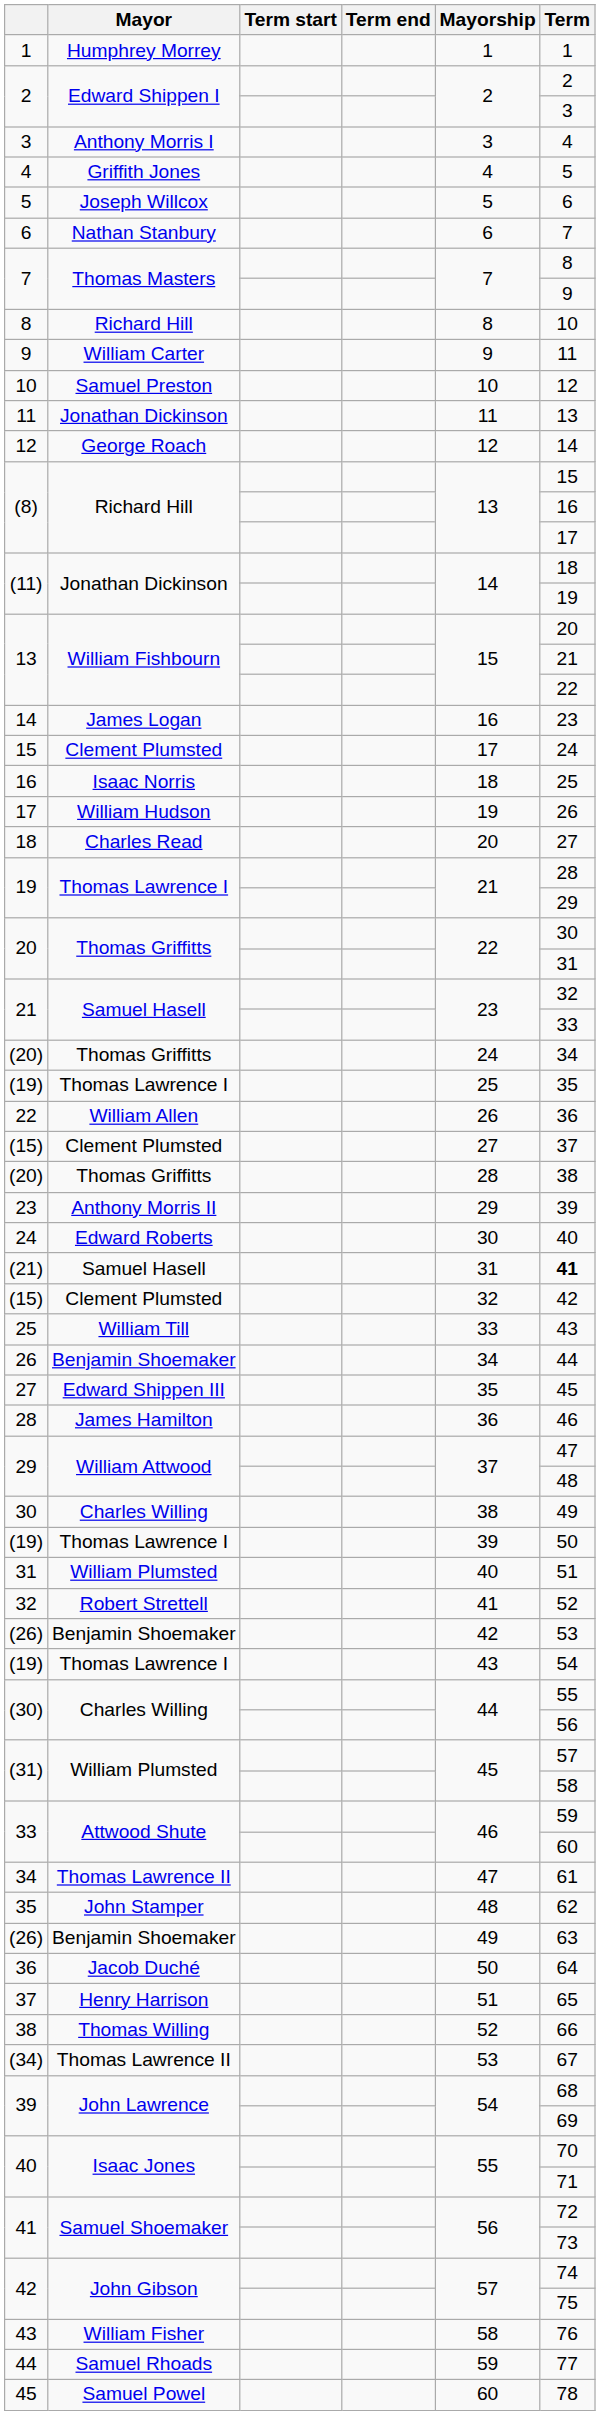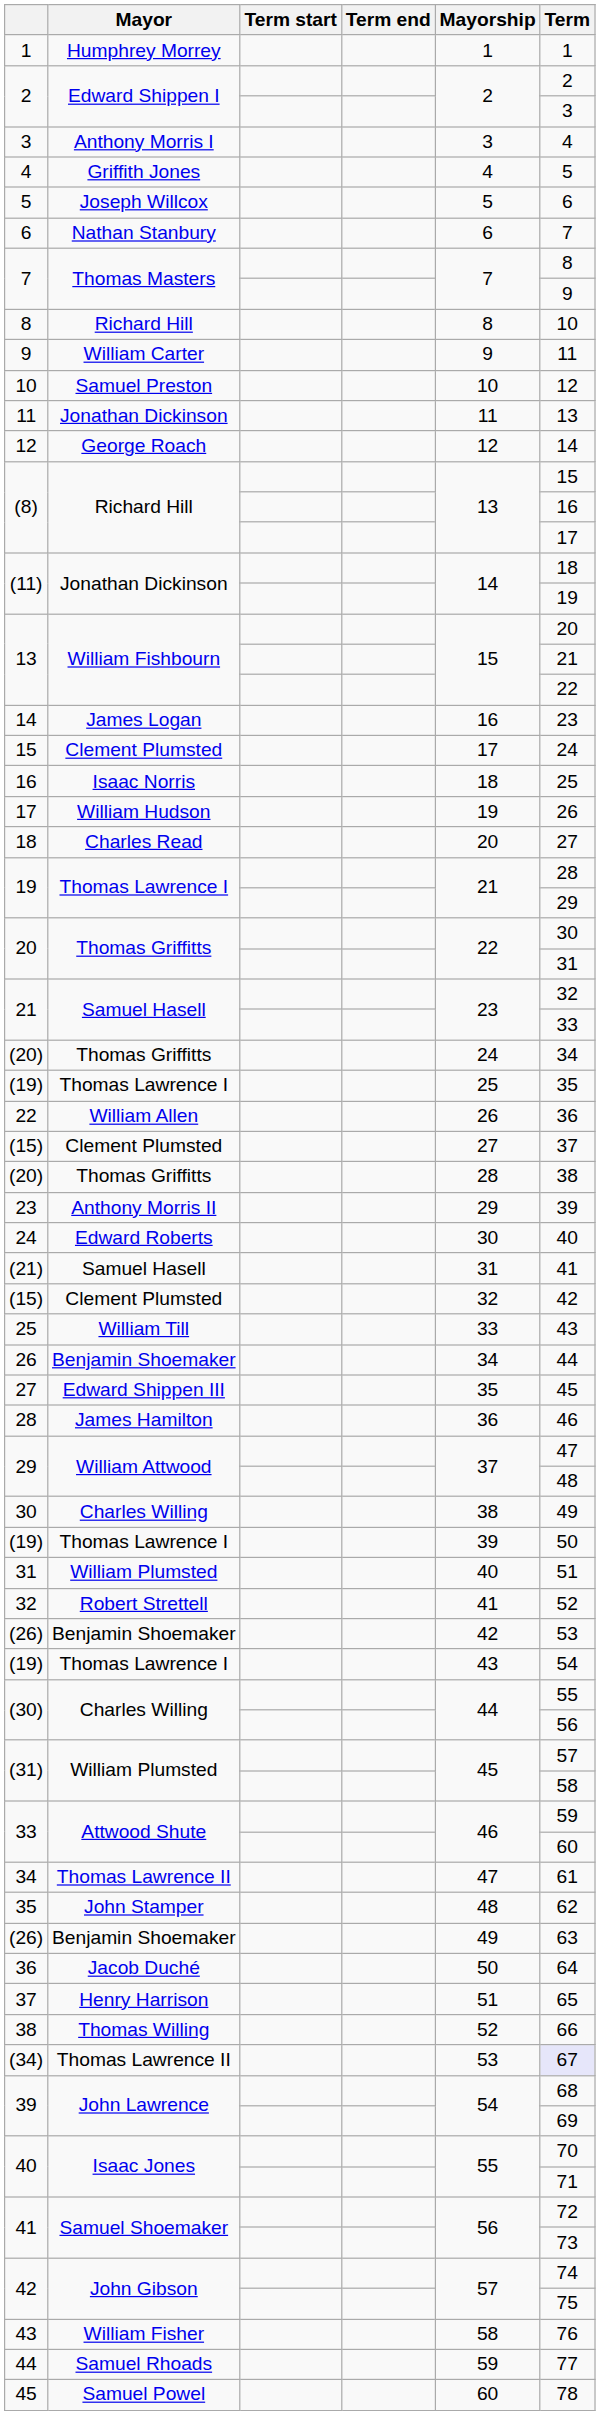 <table class="wikitable" style="text-align: center;">
 <tr>
 <th scope="col"></th>
 <th scope="col">Mayor</th>
 <th scope="col">Term start</th>
 <th scope="col">Term end</th>
 <th scope="col">Mayorship</th>
 <th scope="col">Term</th>
 </tr>
 <tr>
 <td>1</td>
 <td><a href='#'>Humphrey Morrey</a></td>
 <td></td>
 <td></td>
 <td>1</td>
 <td>1</td>
 </tr>
 <tr>
 <td rowspan="2">2</td>
 <td rowspan="2"><a href='#'>Edward Shippen I</a></td>
 <td></td>
 <td></td>
 <td rowspan="2">2</td>
 <td>2</td>
 </tr>
 <tr>
 <td></td>
 <td></td>
 <td>3</td>
 </tr>
 <tr>
 <td>3</td>
 <td><a href='#'>Anthony Morris I</a></td>
 <td></td>
 <td></td>
 <td>3</td>
 <td>4</td>
 </tr>
 <tr>
 <td>4</td>
 <td><a href='#'>Griffith Jones</a></td>
 <td></td>
 <td></td>
 <td>4</td>
 <td>5</td>
 </tr>
 <tr>
 <td>5</td>
 <td><a href='#'>Joseph Willcox</a></td>
 <td></td>
 <td></td>
 <td>5</td>
 <td>6</td>
 </tr>
 <tr>
 <td>6</td>
 <td><a href='#'>Nathan Stanbury</a></td>
 <td></td>
 <td></td>
 <td>6</td>
 <td>7</td>
 </tr>
 <tr>
 <td rowspan="2">7</td>
 <td rowspan="2"><a href='#'>Thomas Masters</a></td>
 <td></td>
 <td></td>
 <td rowspan="2">7</td>
 <td>8</td>
 </tr>
 <tr>
 <td></td>
 <td></td>
 <td>9</td>
 </tr>
 <tr>
 <td>8</td>
 <td><a href='#'>Richard Hill</a></td>
 <td></td>
 <td></td>
 <td>8</td>
 <td>10</td>
 </tr>
 <tr>
 <td>9</td>
 <td><a href='#'>William Carter</a></td>
 <td></td>
 <td></td>
 <td>9</td>
 <td>11</td>
 </tr>
 <tr>
 <td>10</td>
 <td><a href='#'>Samuel Preston</a></td>
 <td></td>
 <td></td>
 <td>10</td>
 <td>12</td>
 </tr>
 <tr>
 <td>11</td>
 <td><a href='#'>Jonathan Dickinson</a></td>
 <td></td>
 <td></td>
 <td>11</td>
 <td>13</td>
 </tr>
 <tr>
 <td>12</td>
 <td><a href='#'>George Roach</a></td>
 <td></td>
 <td></td>
 <td>12</td>
 <td>14</td>
 </tr>
 <tr>
 <td rowspan="3">(8)</td>
 <td rowspan="3">Richard Hill</td>
 <td></td>
 <td></td>
 <td rowspan="3">13</td>
 <td>15</td>
 </tr>
 <tr>
 <td></td>
 <td></td>
 <td>16</td>
 </tr>
 <tr>
 <td></td>
 <td></td>
 <td>17</td>
 </tr>
 <tr>
 <td rowspan="2">(11)</td>
 <td rowspan="2">Jonathan Dickinson</td>
 <td></td>
 <td></td>
 <td rowspan="2">14</td>
 <td>18</td>
 </tr>
 <tr>
 <td></td>
 <td></td>
 <td>19</td>
 </tr>
 <tr>
 <td rowspan="3">13</td>
 <td rowspan="3"><a href='#'>William Fishbourn</a></td>
 <td></td>
 <td></td>
 <td rowspan="3">15</td>
 <td>20</td>
 </tr>
 <tr>
 <td></td>
 <td></td>
 <td>21</td>
 </tr>
 <tr>
 <td></td>
 <td></td>
 <td>22</td>
 </tr>
 <tr>
 <td>14</td>
 <td><a href='#'>James Logan</a></td>
 <td></td>
 <td></td>
 <td>16</td>
 <td>23</td>
 </tr>
 <tr>
 <td>15</td>
 <td><a href='#'>Clement Plumsted</a></td>
 <td></td>
 <td></td>
 <td>17</td>
 <td>24</td>
 </tr>
 <tr>
 <td>16</td>
 <td><a href='#'>Isaac Norris</a></td>
 <td></td>
 <td></td>
 <td>18</td>
 <td>25</td>
 </tr>
 <tr>
 <td>17</td>
 <td><a href='#'>William Hudson</a></td>
 <td></td>
 <td></td>
 <td>19</td>
 <td>26</td>
 </tr>
 <tr>
 <td>18</td>
 <td><a href='#'>Charles Read</a></td>
 <td></td>
 <td></td>
 <td>20</td>
 <td>27</td>
 </tr>
 <tr>
 <td rowspan="2">19</td>
 <td rowspan="2"><a href='#'>Thomas Lawrence I</a></td>
 <td></td>
 <td></td>
 <td rowspan="2">21</td>
 <td>28</td>
 </tr>
 <tr>
 <td></td>
 <td></td>
 <td>29</td>
 </tr>
 <tr>
 <td rowspan="2">20</td>
 <td rowspan="2"><a href='#'>Thomas Griffitts</a></td>
 <td></td>
 <td></td>
 <td rowspan="2">22</td>
 <td>30</td>
 </tr>
 <tr>
 <td></td>
 <td></td>
 <td>31</td>
 </tr>
 <tr>
 <td rowspan="2">21</td>
 <td rowspan="2"><a href='#'>Samuel Hasell</a></td>
 <td></td>
 <td></td>
 <td rowspan="2">23</td>
 <td>32</td>
 </tr>
 <tr>
 <td></td>
 <td></td>
 <td>33</td>
 </tr>
 <tr>
 <td>(20)</td>
 <td>Thomas Griffitts</td>
 <td></td>
 <td></td>
 <td>24</td>
 <td>34</td>
 </tr>
 <tr>
 <td>(19)</td>
 <td>Thomas Lawrence I</td>
 <td></td>
 <td></td>
 <td>25</td>
 <td>35</td>
 </tr>
 <tr>
 <td>22</td>
 <td><a href='#'>William Allen</a></td>
 <td></td>
 <td></td>
 <td>26</td>
 <td>36</td>
 </tr>
 <tr>
 <td>(15)</td>
 <td>Clement Plumsted</td>
 <td></td>
 <td></td>
 <td>27</td>
 <td>37</td>
 </tr>
 <tr>
 <td>(20)</td>
 <td>Thomas Griffitts</td>
 <td></td>
 <td></td>
 <td>28</td>
 <td>38</td>
 </tr>
 <tr>
 <td>23</td>
 <td><a href='#'>Anthony Morris II</a></td>
 <td></td>
 <td></td>
 <td>29</td>
 <td>39</td>
 </tr>
 <tr>
 <td>24</td>
 <td><a href='#'>Edward Roberts</a></td>
 <td></td>
 <td></td>
 <td>30</td>
 <td>40</td>
 </tr>
 <tr>
 <td>(21)</td>
 <td>Samuel Hasell</td>
 <td></td>
 <td></td>
 <td>31</td>
-<td><strong>41</strong></td>
+<td>41</td>
 </tr>
 <tr>
 <td>(15)</td>
 <td>Clement Plumsted</td>
 <td></td>
 <td></td>
 <td>32</td>
 <td>42</td>
 </tr>
 <tr>
 <td>25</td>
 <td><a href='#'>William Till</a></td>
 <td></td>
 <td></td>
 <td>33</td>
 <td>43</td>
 </tr>
 <tr>
 <td>26</td>
 <td><a href='#'>Benjamin Shoemaker</a></td>
 <td></td>
 <td></td>
 <td>34</td>
 <td>44</td>
 </tr>
 <tr>
 <td>27</td>
 <td><a href='#'>Edward Shippen III</a></td>
 <td></td>
 <td></td>
 <td>35</td>
 <td>45</td>
 </tr>
 <tr>
 <td>28</td>
 <td><a href='#'>James Hamilton</a></td>
 <td></td>
 <td></td>
 <td>36</td>
 <td>46</td>
 </tr>
 <tr>
 <td rowspan="2">29</td>
 <td rowspan="2"><a href='#'>William Attwood</a></td>
 <td></td>
 <td></td>
 <td rowspan="2">37</td>
 <td>47</td>
 </tr>
 <tr>
 <td></td>
 <td></td>
 <td>48</td>
 </tr>
 <tr>
 <td>30</td>
 <td><a href='#'>Charles Willing</a></td>
 <td></td>
 <td></td>
 <td>38</td>
 <td>49</td>
 </tr>
 <tr>
 <td>(19)</td>
 <td>Thomas Lawrence I</td>
 <td></td>
 <td></td>
 <td>39</td>
 <td>50</td>
 </tr>
 <tr>
 <td>31</td>
 <td><a href='#'>William Plumsted</a></td>
 <td></td>
 <td></td>
 <td>40</td>
 <td>51</td>
 </tr>
 <tr>
 <td>32</td>
 <td><a href='#'>Robert Strettell</a></td>
 <td></td>
 <td></td>
 <td>41</td>
 <td>52</td>
 </tr>
 <tr>
 <td>(26)</td>
 <td>Benjamin Shoemaker</td>
 <td></td>
 <td></td>
 <td>42</td>
 <td>53</td>
 </tr>
 <tr>
 <td>(19)</td>
 <td>Thomas Lawrence I</td>
 <td></td>
 <td></td>
 <td>43</td>
 <td>54</td>
 </tr>
 <tr>
 <td rowspan="2">(30)</td>
 <td rowspan="2">Charles Willing</td>
 <td></td>
 <td></td>
 <td rowspan="2">44</td>
 <td>55</td>
 </tr>
 <tr>
 <td></td>
 <td></td>
 <td>56</td>
 </tr>
 <tr>
 <td rowspan="2">(31)</td>
 <td rowspan="2">William Plumsted</td>
 <td></td>
 <td></td>
 <td rowspan="2">45</td>
 <td>57</td>
 </tr>
 <tr>
 <td></td>
 <td></td>
 <td>58</td>
 </tr>
 <tr>
 <td rowspan="2">33</td>
 <td rowspan="2"><a href='#'>Attwood Shute</a></td>
 <td></td>
 <td></td>
 <td rowspan="2">46</td>
 <td>59</td>
 </tr>
 <tr>
 <td></td>
 <td></td>
 <td>60</td>
 </tr>
 <tr>
 <td>34</td>
 <td><a href='#'>Thomas Lawrence II</a></td>
 <td></td>
 <td></td>
 <td>47</td>
 <td>61</td>
 </tr>
 <tr>
 <td>35</td>
 <td><a href='#'>John Stamper</a></td>
 <td></td>
 <td></td>
 <td>48</td>
 <td>62</td>
 </tr>
 <tr>
 <td>(26)</td>
 <td>Benjamin Shoemaker</td>
 <td></td>
 <td></td>
 <td>49</td>
 <td>63</td>
 </tr>
 <tr>
 <td>36</td>
 <td><a href='#'>Jacob Duché</a></td>
 <td></td>
 <td></td>
 <td>50</td>
 <td>64</td>
 </tr>
 <tr>
 <td>37</td>
 <td><a href='#'>Henry Harrison</a></td>
 <td></td>
 <td></td>
 <td>51</td>
 <td>65</td>
 </tr>
 <tr>
 <td>38</td>
 <td><a href='#'>Thomas Willing</a></td>
 <td></td>
 <td></td>
 <td>52</td>
 <td>66</td>
 </tr>
 <tr>
 <td>(34)</td>
 <td>Thomas Lawrence II</td>
 <td></td>
 <td></td>
 <td>53</td>
-<td>67</td>
+<td style="background: lavender;">67</td>
 </tr>
 <tr>
 <td rowspan="2">39</td>
 <td rowspan="2"><a href='#'>John Lawrence</a></td>
 <td></td>
 <td></td>
 <td rowspan="2">54</td>
 <td>68</td>
 </tr>
 <tr>
 <td></td>
 <td></td>
 <td>69</td>
 </tr>
 <tr>
 <td rowspan="2">40</td>
 <td rowspan="2"><a href='#'>Isaac Jones</a></td>
 <td></td>
 <td></td>
 <td rowspan="2">55</td>
 <td>70</td>
 </tr>
 <tr>
 <td></td>
 <td></td>
 <td>71</td>
 </tr>
 <tr>
 <td rowspan="2">41</td>
 <td rowspan="2"><a href='#'>Samuel Shoemaker</a></td>
 <td></td>
 <td></td>
 <td rowspan="2">56</td>
 <td>72</td>
 </tr>
 <tr>
 <td></td>
 <td></td>
 <td>73</td>
 </tr>
 <tr>
 <td rowspan="2">42</td>
 <td rowspan="2"><a href='#'>John Gibson</a></td>
 <td></td>
 <td></td>
 <td rowspan="2">57</td>
 <td>74</td>
 </tr>
 <tr>
 <td></td>
 <td></td>
 <td>75</td>
 </tr>
 <tr>
 <td>43</td>
 <td><a href='#'>William Fisher</a></td>
 <td></td>
 <td></td>
 <td>58</td>
 <td>76</td>
 </tr>
 <tr>
 <td>44</td>
 <td><a href='#'>Samuel Rhoads</a></td>
 <td></td>
 <td></td>
 <td>59</td>
 <td>77</td>
 </tr>
 <tr>
 <td>45</td>
 <td><a href='#'>Samuel Powel</a></td>
 <td></td>
 <td></td>
 <td>60</td>
 <td>78</td>
 </tr>
 </table>
